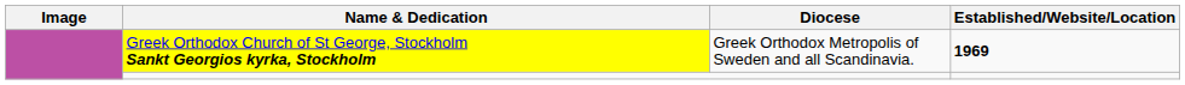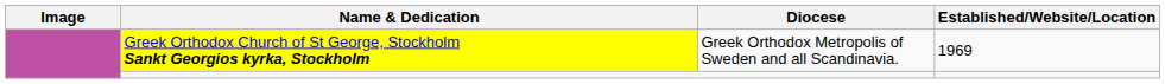 <table width=95% class="wikitable">
 <tr>
 <th width=10%>Image</th>
 <th width=50%>Name & Dedication</th>
 <th>Diocese</th>
 <th width=10%>Established/Website/Location</th>
 </tr>
 <tr>
 <td rowspan="2" bgcolor="#BC50A5" align="center"></td>
 <td bgcolor="yellow"><a href='#'>Greek Orthodox Church of St George, Stockholm</a><br><strong><em>Sankt Georgios kyrka, Stockholm</em></strong></td>
 <td>Greek Orthodox Metropolis of Sweden and all Scandinavia.</td>
-<td><strong>1969</strong></td>
+<td>1969</td>
 </tr>
 <tr>
 <td colspan="2"><small></small></td>
 <td><small></small></td>
 </tr>
 </table>
